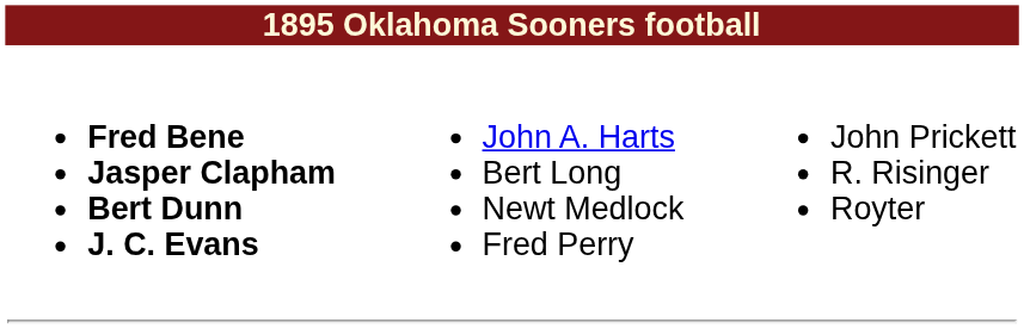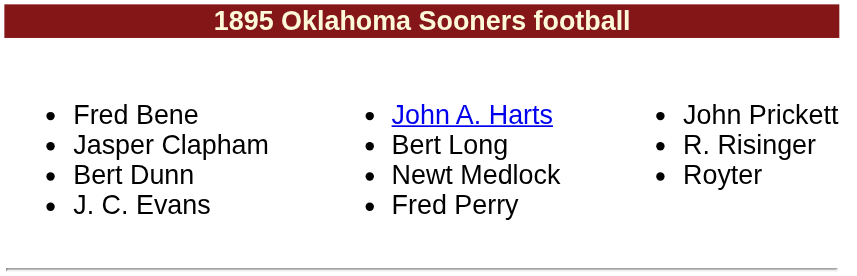 <table class="toccolours" style="text-align: left;">
 <tr>
 <td colspan=11 style="color:#FDF9D8;background:#841617; text-align: center"><strong>1895 Oklahoma Sooners football</strong></td>
 </tr>
 <tr>
-<td valign="top"><strong><br><ul><li>Fred Bene</li><li>Jasper Clapham</li><li>Bert Dunn</li><li>J. C. Evans</li></ul></strong></td>
+<td valign="top"><br><ul><li>Fred Bene</li><li>Jasper Clapham</li><li>Bert Dunn</li><li>J. C. Evans</li></ul></td>
 <td width="25"> </td>
 <td valign="top"><br><ul><li><a href='#'>John A. Harts</a></li><li>Bert Long</li><li>Newt Medlock</li><li>Fred Perry</li></ul></td>
 <td width="25"> </td>
 <td valign="top"><br><ul><li>John Prickett</li><li>R. Risinger</li><li>Royter</li></ul></td>
 </tr>
 <tr>
 <td colspan="7"><hr></td>
 </tr>
 </table>
